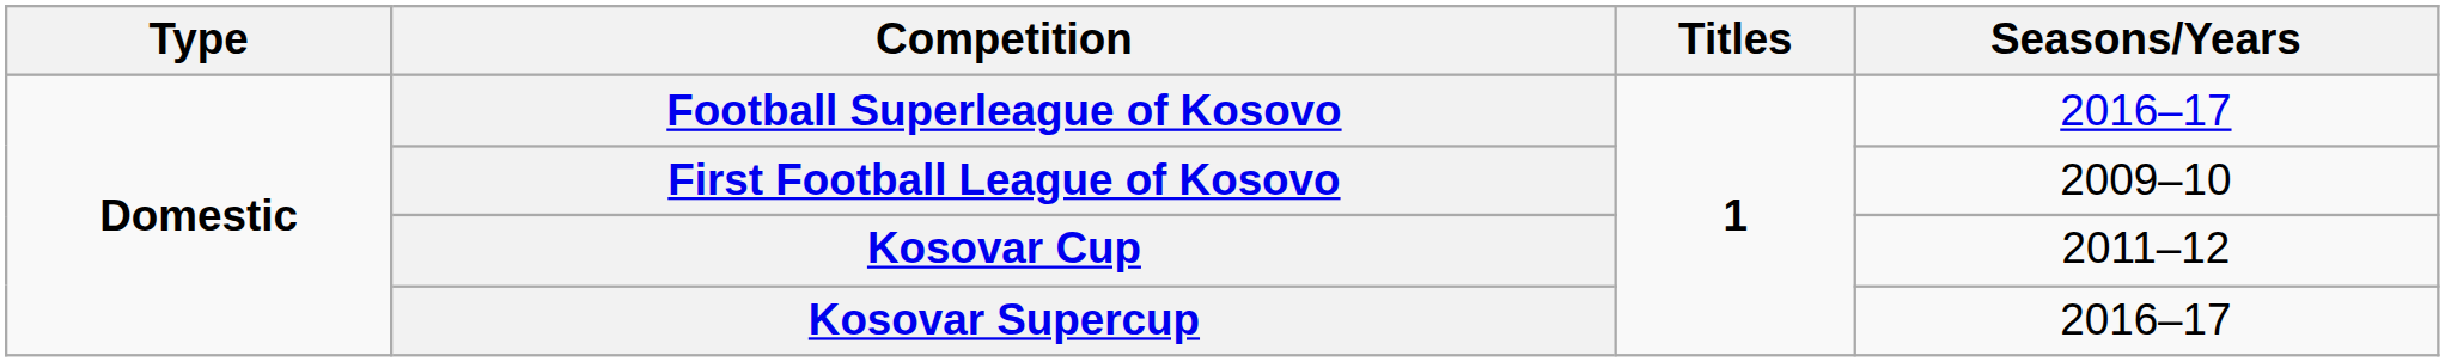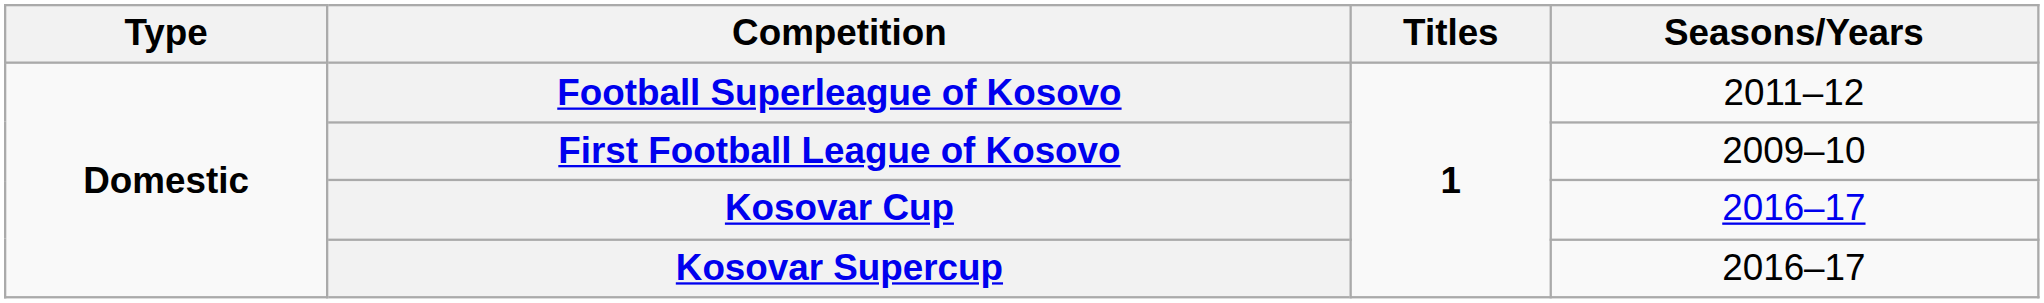 <table class="wikitable" width=70% style="text-align:center;font-size:100%;">
 <tr>
 <th scope=col>Type</th>
 <th scope=col>Competition</th>
 <th scope=col>Titles</th>
 <th scope=col>Seasons/Years</th>
 </tr>
 <tr>
 <td rowspan="4"><strong>Domestic</strong></td>
 <th scope=col><a href='#'>Football Superleague of Kosovo</a></th>
 <td rowspan="4"><strong>1</strong></td>
-<td><a href='#'>2016–17</a></td>
+<td>2011–12</td>
 </tr>
 <tr>
 <th scope=col><a href='#'>First Football League of Kosovo</a></th>
 <td>2009–10</td>
 </tr>
 <tr>
 <th scope=col><a href='#'>Kosovar Cup</a></th>
-<td>2011–12</td>
+<td><a href='#'>2016–17</a></td>
 </tr>
 <tr>
 <th scope=col><a href='#'>Kosovar Supercup</a></th>
 <td>2016–17</td>
 </tr>
 </table>
